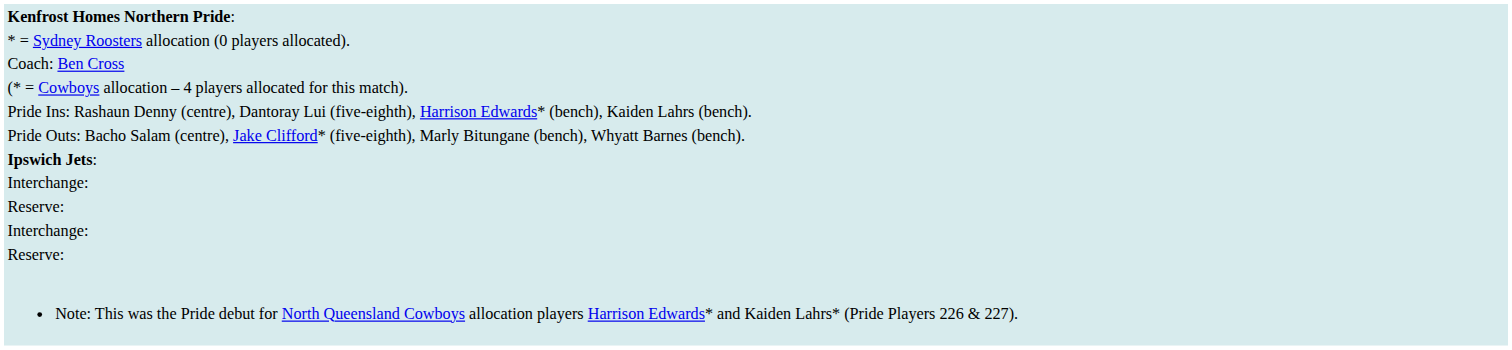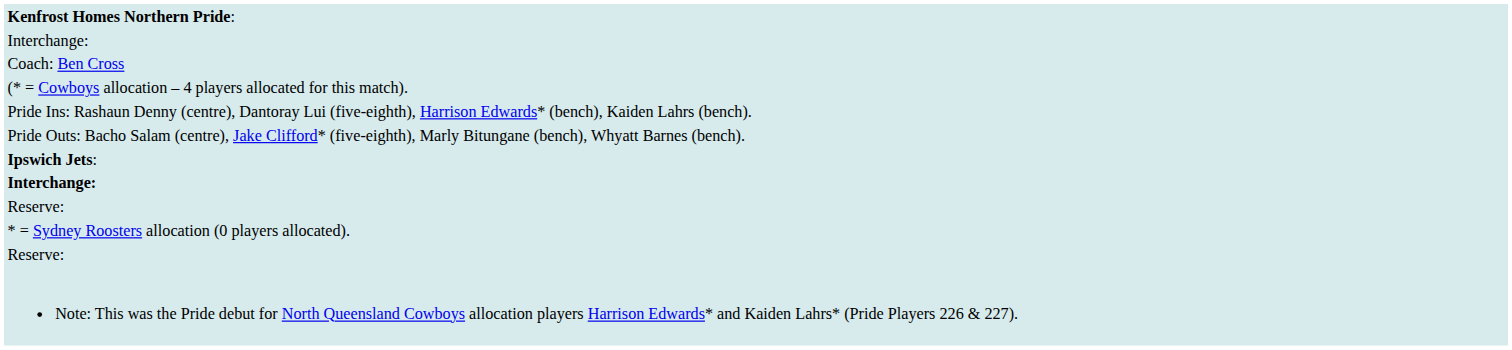 <table style="background:#d7ebed; font-size:85%; width:100%;">
 <tr>
 <td><strong>Kenfrost Homes Northern Pride</strong>:             </td>
 </tr>
 <tr>
-<td>* = <a href='#'>Sydney Roosters</a> allocation (0 players allocated).</td>
+<td>Interchange:    </td>
 </tr>
 <tr>
 <td>Coach: <a href='#'>Ben Cross</a></td>
 </tr>
 <tr>
 <td>(* = <a href='#'>Cowboys</a> allocation – 4 players allocated for this match).</td>
 </tr>
 <tr>
 <td>Pride Ins: Rashaun Denny (centre), Dantoray Lui (five-eighth), <a href='#'>Harrison Edwards</a>* (bench), Kaiden Lahrs (bench).</td>
 </tr>
 <tr>
 <td>Pride Outs: Bacho Salam (centre), <a href='#'>Jake Clifford</a>* (five-eighth), Marly Bitungane (bench), Whyatt Barnes (bench).</td>
 </tr>
 <tr>
 <td><strong>Ipswich Jets</strong>:             </td>
 </tr>
 <tr>
-<td>Interchange:    </td>
+<td><strong>Interchange:    </strong></td>
 </tr>
 <tr>
 <td>Reserve: </td>
 </tr>
 <tr>
-<td>Interchange:    </td>
+<td>* = <a href='#'>Sydney Roosters</a> allocation (0 players allocated).</td>
 </tr>
 <tr>
 <td>Reserve: </td>
 </tr>
 <tr>
 <td><br><ul><li>Note: This was the Pride debut for <a href='#'>North Queensland Cowboys</a> allocation players <a href='#'>Harrison Edwards</a>* and Kaiden Lahrs* (Pride Players 226 & 227).</li></ul></td>
 </tr>
 <tr>
 </tr>
 </table>
